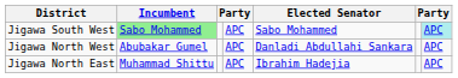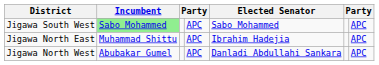 <table class="sortable wikitable" style="font-size:95%;line-height:14px;">
 <tr>
 <th class="unsortable">District</th>
 <th class="unsortable"><a href='#'>Incumbent</a></th>
 <th colspan="2">Party</th>
 <th class="unsortable">Elected Senator</th>
 <th colspan="2">Party</th>
 </tr>
 <tr>
 <td>Jigawa South West</td>
 <td style="background: lightgreen;"><a href='#'>Sabo Mohammed</a></td>
 <td style="background:"></td>
 <td><a href='#'>APC</a></td>
 <td><a href='#'>Sabo Mohammed</a></td>
 <td style="background:"></td>
-<td style="background: paleturquoise;"><a href='#'>APC</a></td>
-</tr>
-<tr>
-<td>Jigawa North West</td>
-<td><a href='#'>Abubakar Gumel</a></td>
-<td style="background:"></td>
-<td><a href='#'>APC</a></td>
-<td><a href='#'>Danladi Abdullahi Sankara</a></td>
-<td style="background:"></td>
 <td><a href='#'>APC</a></td>
 </tr>
 <tr>
 <td>Jigawa North East</td>
 <td><a href='#'>Muhammad Shittu</a></td>
 <td style="background:"></td>
 <td><a href='#'>APC</a></td>
 <td><a href='#'>Ibrahim Hadejia</a></td>
 <td style="background:"></td>
 <td><a href='#'>APC</a></td>
 </tr>
+<tr>
+<td>Jigawa North West</td>
+<td><a href='#'>Abubakar Gumel</a></td>
+<td style="background:"></td>
+<td><a href='#'>APC</a></td>
+<td><a href='#'>Danladi Abdullahi Sankara</a></td>
+<td style="background:"></td>
+<td><a href='#'>APC</a></td>
+</tr>
 </table>
